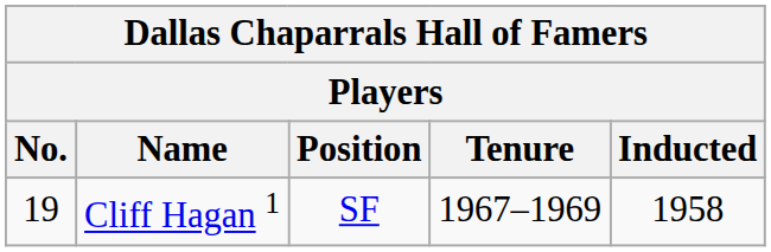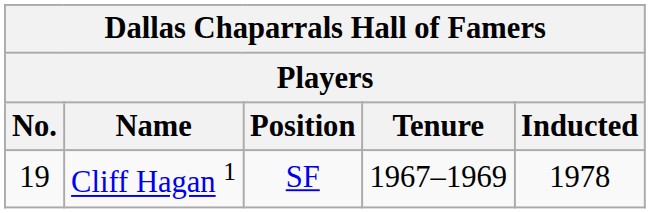 <table class="wikitable" style="text-align:center">
 <tr>
 <th colspan="5">Dallas Chaparrals Hall of Famers</th>
 </tr>
 <tr>
 <th colspan="5" style="text-align:center; ">Players</th>
 </tr>
 <tr>
 <th>No.</th>
 <th>Name</th>
 <th>Position</th>
 <th>Tenure</th>
 <th>Inducted</th>
 </tr>
 <tr>
 <td>19</td>
 <td><a href='#'>Cliff Hagan</a> <sup>1</sup></td>
 <td><a href='#'>SF</a></td>
 <td>1967–1969</td>
-<td>1958</td>
+<td>1978</td>
 </tr>
 </table>
